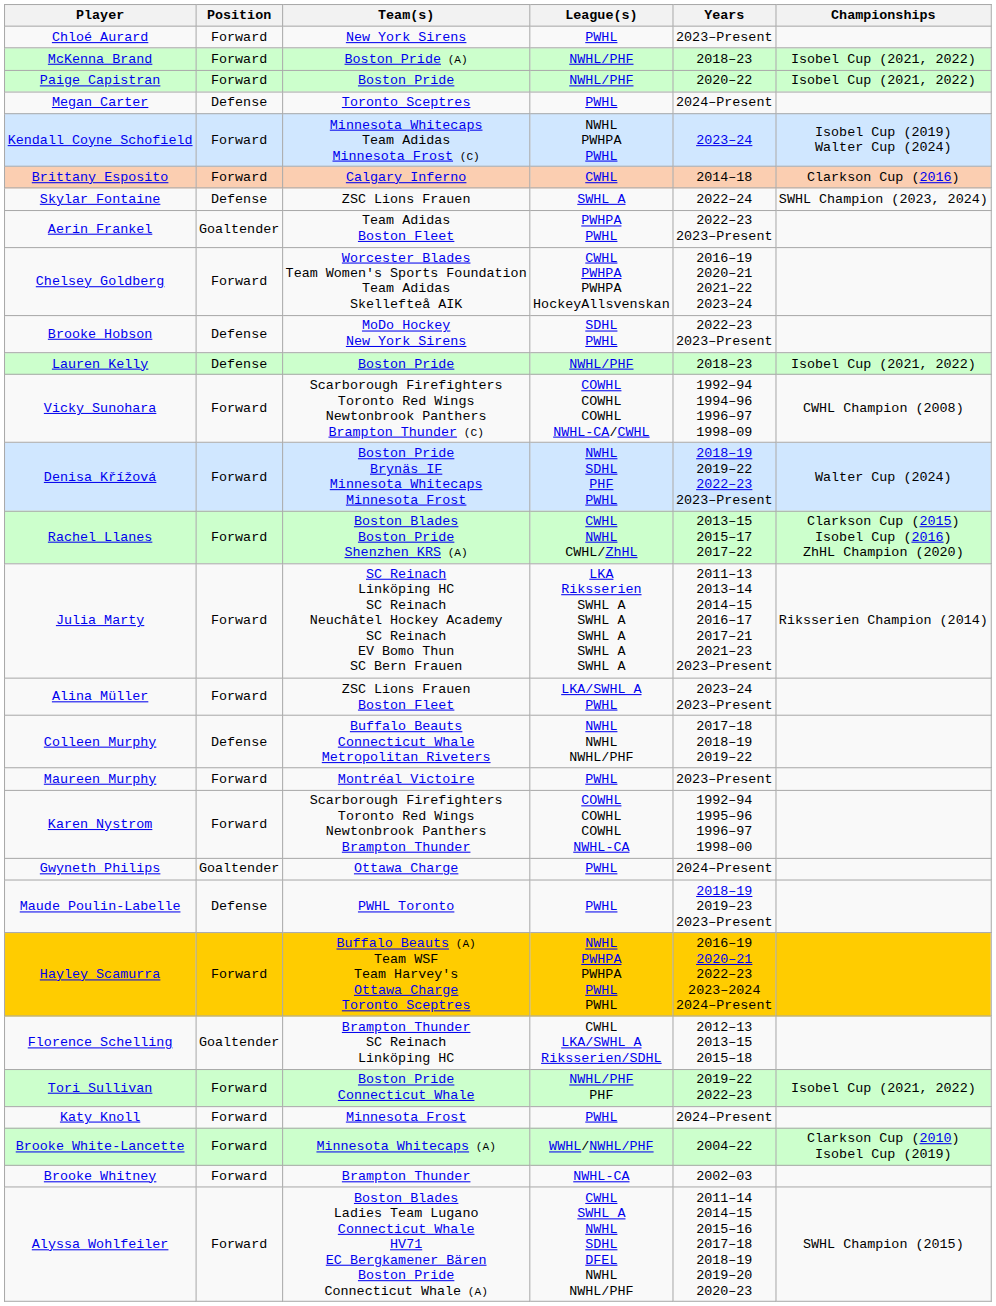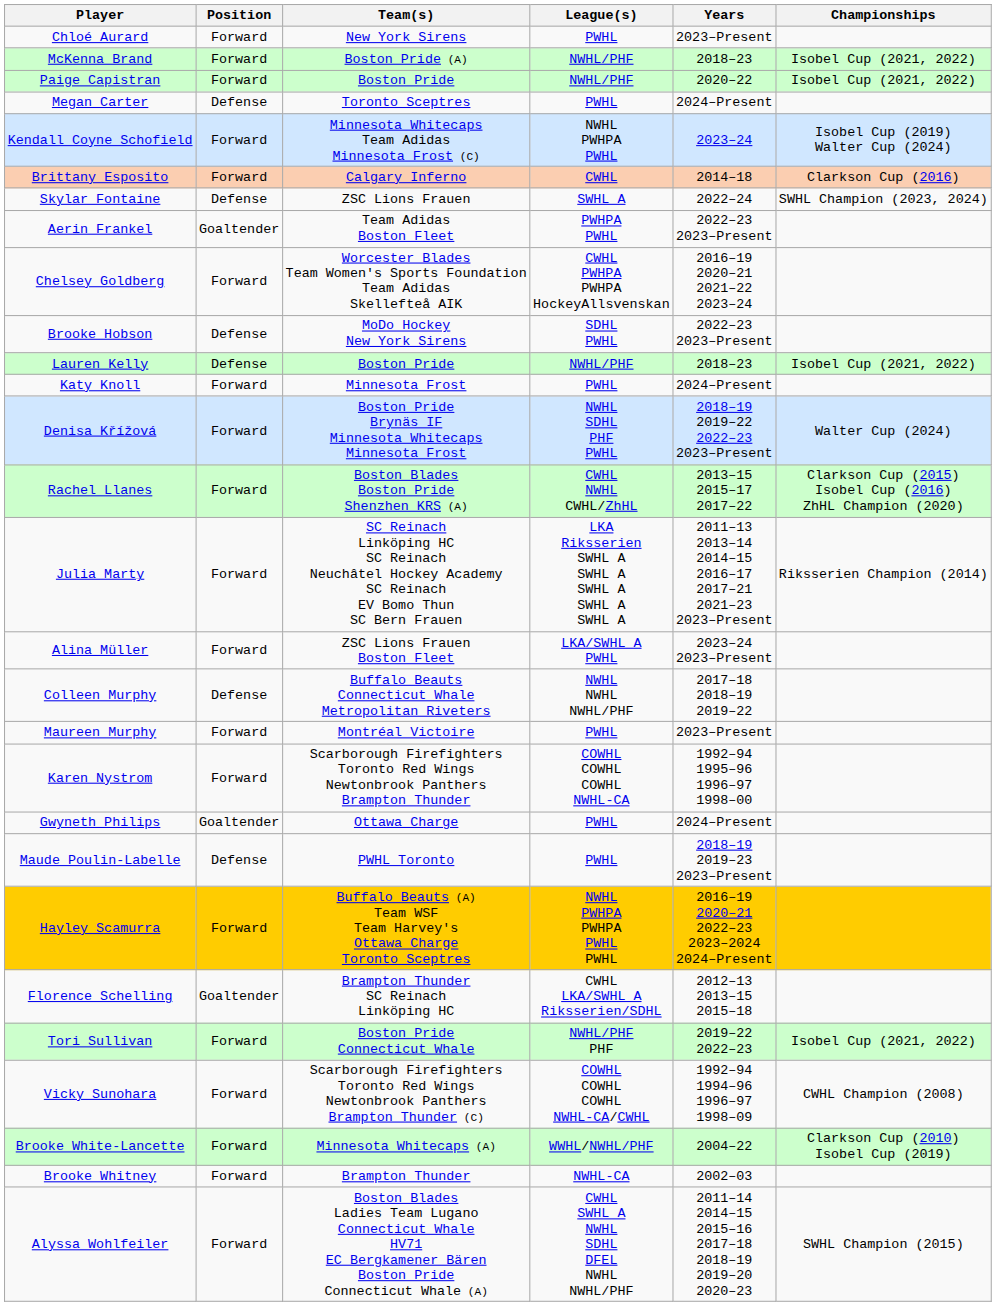 <table class="wikitable sortable">
 <tr>
 <th>Player</th>
 <th>Position</th>
 <th>Team(s)</th>
 <th>League(s)</th>
 <th>Years</th>
 <th>Championships</th>
 </tr>
 <tr style="text-align:center;" bgcolor="">
 <td><a href='#'>Chloé Aurard</a></td>
 <td>Forward</td>
 <td><a href='#'>New York Sirens</a></td>
 <td><a href='#'>PWHL</a></td>
 <td>2023–Present</td>
 <td></td>
 </tr>
 <tr style="text-align:center;" bgcolor="CCFFCC">
 <td><a href='#'>McKenna Brand</a></td>
 <td>Forward</td>
 <td><a href='#'>Boston Pride</a><small> (A)</small></td>
 <td><a href='#'>NWHL/PHF</a></td>
 <td>2018–23</td>
 <td>Isobel Cup (2021, 2022)</td>
 </tr>
 <tr style="text-align:center;" bgcolor="CCFFCC">
 <td><a href='#'>Paige Capistran</a></td>
 <td>Forward</td>
 <td><a href='#'>Boston Pride</a></td>
 <td><a href='#'>NWHL/PHF</a></td>
 <td>2020–22</td>
 <td>Isobel Cup (2021, 2022)</td>
 </tr>
 <tr style="text-align:center;" bgcolor="">
 <td><a href='#'>Megan Carter</a></td>
 <td>Defense</td>
 <td><a href='#'>Toronto Sceptres</a></td>
 <td><a href='#'>PWHL</a></td>
 <td>2024–Present</td>
 <td></td>
 </tr>
 <tr style="text-align:center;" bgcolor="D0E7FF">
 <td><a href='#'>Kendall Coyne Schofield</a></td>
 <td>Forward</td>
 <td><a href='#'>Minnesota Whitecaps</a><br>Team Adidas<br><a href='#'>Minnesota Frost</a><small> (C)</small></td>
 <td>NWHL<br>PWHPA<br><a href='#'>PWHL</a></td>
 <td><a href='#'>2023–24</a></td>
 <td>Isobel Cup (2019)<br>Walter Cup (2024)</td>
 </tr>
 <tr style="text-align:center;" bgcolor="FBCEB1">
 <td><a href='#'>Brittany Esposito</a></td>
 <td>Forward</td>
 <td><a href='#'>Calgary Inferno</a></td>
 <td><a href='#'>CWHL</a></td>
 <td>2014–18</td>
 <td>Clarkson Cup (<a href='#'>2016</a>)</td>
 </tr>
 <tr style="text-align:center;" bgcolor="">
 <td><a href='#'>Skylar Fontaine</a></td>
 <td>Defense</td>
 <td>ZSC Lions Frauen</td>
 <td><a href='#'>SWHL A</a></td>
 <td>2022–24</td>
 <td>SWHL Champion (2023, 2024)</td>
 </tr>
 <tr style="text-align:center;" bgcolor="">
 <td><a href='#'>Aerin Frankel</a></td>
 <td>Goaltender</td>
 <td>Team Adidas<br><a href='#'>Boston Fleet</a></td>
 <td><a href='#'>PWHPA</a><br><a href='#'>PWHL</a></td>
 <td>2022–23<br>2023–Present</td>
 <td></td>
 </tr>
 <tr style="text-align:center;" bgcolor="">
 <td><a href='#'>Chelsey Goldberg</a></td>
 <td>Forward</td>
 <td><a href='#'>Worcester Blades</a><br>Team Women's Sports Foundation<br>Team Adidas<br>Skellefteå AIK</td>
 <td><a href='#'>CWHL</a><br><a href='#'>PWHPA</a><br>PWHPA<br>HockeyAllsvenskan</td>
 <td>2016–19<br>2020–21<br>2021–22<br>2023–24</td>
 <td></td>
 </tr>
 <tr style="text-align:center;" bgcolor="">
 <td><a href='#'>Brooke Hobson</a></td>
 <td>Defense</td>
 <td><a href='#'>MoDo Hockey</a><br><a href='#'>New York Sirens</a></td>
 <td><a href='#'>SDHL</a><br><a href='#'>PWHL</a></td>
 <td>2022–23<br>2023–Present</td>
 <td></td>
 </tr>
 <tr style="text-align:center;" bgcolor="CCFFCC">
 <td><a href='#'>Lauren Kelly</a></td>
 <td>Defense</td>
 <td><a href='#'>Boston Pride</a></td>
 <td><a href='#'>NWHL/PHF</a></td>
 <td>2018–23</td>
 <td>Isobel Cup (2021, 2022)</td>
 </tr>
 <tr style="text-align:center;" bgcolor="">
-<td><a href='#'>Vicky Sunohara</a></td>
+<td><a href='#'>Katy Knoll</a></td>
 <td>Forward</td>
-<td>Scarborough Firefighters<br>Toronto Red Wings<br>Newtonbrook Panthers<br><a href='#'>Brampton Thunder</a><small> (C)</small></td>
-<td><a href='#'>COWHL</a><br>COWHL<br>COWHL<br><a href='#'>NWHL-CA</a>/<a href='#'>CWHL</a></td>
-<td>1992–94<br>1994–96<br>1996–97<br>1998–09</td>
-<td>CWHL Champion (2008)</td>
+<td><a href='#'>Minnesota Frost</a></td>
+<td><a href='#'>PWHL</a></td>
+<td>2024–Present</td>
+<td></td>
 </tr>
 <tr style="text-align:center;" bgcolor="D0E7FF">
 <td><a href='#'>Denisa Křížová</a></td>
 <td>Forward</td>
 <td><a href='#'>Boston Pride</a><br><a href='#'>Brynäs IF</a><br><a href='#'>Minnesota Whitecaps</a><br><a href='#'>Minnesota Frost</a></td>
 <td><a href='#'>NWHL</a><br><a href='#'>SDHL</a><br><a href='#'>PHF</a><br><a href='#'>PWHL</a></td>
 <td><a href='#'>2018–19</a><br>2019–22<br><a href='#'>2022–23</a><br>2023–Present</td>
 <td>Walter Cup (2024)</td>
 </tr>
 <tr style="text-align:center;" bgcolor="CCFFCC">
 <td><a href='#'>Rachel Llanes</a></td>
 <td>Forward</td>
 <td><a href='#'>Boston Blades</a><br><a href='#'>Boston Pride</a><br><a href='#'>Shenzhen KRS</a><small> (A)</small></td>
 <td><a href='#'>CWHL</a><br><a href='#'>NWHL</a><br>CWHL/<a href='#'>ZhHL</a></td>
 <td>2013–15<br>2015–17<br>2017–22</td>
 <td>Clarkson Cup (<a href='#'>2015</a>)<br>Isobel Cup (<a href='#'>2016</a>)<br>ZhHL Champion (2020)</td>
 </tr>
 <tr style="text-align:center;" bgcolor="">
 <td><a href='#'>Julia Marty</a></td>
 <td>Forward</td>
 <td><a href='#'>SC Reinach</a><br>Linköping HC<br>SC Reinach<br>Neuchâtel Hockey Academy<br>SC Reinach<br>EV Bomo Thun<br>SC Bern Frauen</td>
 <td><a href='#'>LKA</a><br><a href='#'>Riksserien</a><br>SWHL A<br>SWHL A<br>SWHL A<br>SWHL A<br>SWHL A</td>
 <td>2011–13<br>2013–14<br>2014–15<br>2016–17<br>2017–21<br>2021–23<br>2023–Present</td>
 <td>Riksserien Champion (2014)</td>
 </tr>
 <tr style="text-align:center;" bgcolor="">
 <td><a href='#'>Alina Müller</a></td>
 <td>Forward</td>
 <td>ZSC Lions Frauen<br><a href='#'>Boston Fleet</a></td>
 <td><a href='#'>LKA/SWHL A</a><br><a href='#'>PWHL</a></td>
 <td>2023–24<br>2023–Present</td>
 <td></td>
 </tr>
 <tr style="text-align:center;" bgcolor="">
 <td><a href='#'>Colleen Murphy</a></td>
 <td>Defense</td>
 <td><a href='#'>Buffalo Beauts</a><br><a href='#'>Connecticut Whale</a><br><a href='#'>Metropolitan Riveters</a></td>
 <td><a href='#'>NWHL</a><br>NWHL<br>NWHL/PHF</td>
 <td>2017–18<br>2018–19<br>2019–22<br></td>
 <td></td>
 </tr>
 <tr style="text-align:center;" bgcolor="">
 <td><a href='#'>Maureen Murphy</a></td>
 <td>Forward</td>
 <td><a href='#'>Montréal Victoire</a></td>
 <td><a href='#'>PWHL</a></td>
 <td>2023–Present</td>
 <td></td>
 </tr>
 <tr style="text-align:center;" bgcolor="">
 <td><a href='#'>Karen Nystrom</a></td>
 <td>Forward</td>
 <td>Scarborough Firefighters<br>Toronto Red Wings<br>Newtonbrook Panthers<br><a href='#'>Brampton Thunder</a></td>
 <td><a href='#'>COWHL</a><br>COWHL<br>COWHL<br><a href='#'>NWHL-CA</a></td>
 <td>1992–94<br>1995–96<br>1996–97<br>1998–00</td>
 <td></td>
 </tr>
 <tr style="text-align:center;" bgcolor="">
 <td><a href='#'>Gwyneth Philips</a></td>
 <td>Goaltender</td>
 <td><a href='#'>Ottawa Charge</a></td>
 <td><a href='#'>PWHL</a></td>
 <td>2024–Present</td>
 <td></td>
 </tr>
 <tr style="text-align:center;" bgcolor="">
 <td><a href='#'>Maude Poulin-Labelle</a></td>
 <td>Defense</td>
 <td><a href='#'>PWHL Toronto</a></td>
 <td><a href='#'>PWHL</a></td>
 <td><a href='#'>2018–19</a><br>2019–23<br>2023–Present</td>
 <td></td>
 </tr>
 <tr style="text-align:center;" bgcolor="FFCC00">
 <td><a href='#'>Hayley Scamurra</a></td>
 <td>Forward</td>
 <td><a href='#'>Buffalo Beauts</a><small> (A)</small><br>Team WSF<br>Team Harvey's<br><a href='#'>Ottawa Charge</a><br><a href='#'>Toronto Sceptres</a></td>
 <td><a href='#'>NWHL</a><br><a href='#'>PWHPA</a><br>PWHPA<br><a href='#'>PWHL</a><br>PWHL</td>
 <td>2016–19<br><a href='#'>2020–21</a><br>2022–23<br>2023–2024<br>2024–Present</td>
 <td></td>
 </tr>
 <tr style="text-align:center;" bgcolor="">
 <td><a href='#'>Florence Schelling</a></td>
 <td>Goaltender</td>
 <td><a href='#'>Brampton Thunder</a><br>SC Reinach<br>Linköping HC</td>
 <td>CWHL<br><a href='#'>LKA/SWHL A</a><br><a href='#'>Riksserien/SDHL</a></td>
 <td>2012–13<br>2013–15<br>2015–18</td>
 <td></td>
 </tr>
 <tr style="text-align:center;" bgcolor="CCFFCC">
 <td><a href='#'>Tori Sullivan</a></td>
 <td>Forward</td>
 <td><a href='#'>Boston Pride</a><br><a href='#'>Connecticut Whale</a></td>
 <td><a href='#'>NWHL/PHF</a><br>PHF</td>
 <td>2019–22<br>2022–23</td>
 <td>Isobel Cup (2021, 2022)</td>
 </tr>
 <tr style="text-align:center;" bgcolor="">
-<td><a href='#'>Katy Knoll</a></td>
+<td><a href='#'>Vicky Sunohara</a></td>
 <td>Forward</td>
-<td><a href='#'>Minnesota Frost</a></td>
-<td><a href='#'>PWHL</a></td>
-<td>2024–Present</td>
-<td></td>
+<td>Scarborough Firefighters<br>Toronto Red Wings<br>Newtonbrook Panthers<br><a href='#'>Brampton Thunder</a><small> (C)</small></td>
+<td><a href='#'>COWHL</a><br>COWHL<br>COWHL<br><a href='#'>NWHL-CA</a>/<a href='#'>CWHL</a></td>
+<td>1992–94<br>1994–96<br>1996–97<br>1998–09</td>
+<td>CWHL Champion (2008)</td>
 </tr>
 <tr style="text-align:center;" bgcolor="CCFFCC">
 <td><a href='#'>Brooke White-Lancette</a></td>
 <td>Forward</td>
 <td><a href='#'>Minnesota Whitecaps</a><small> (A)</small></td>
 <td><a href='#'>WWHL</a>/<a href='#'>NWHL/PHF</a></td>
 <td>2004–22</td>
 <td>Clarkson Cup (<a href='#'>2010</a>)<br>Isobel Cup (2019)</td>
 </tr>
 <tr style="text-align:center;" bgcolor="">
 <td><a href='#'>Brooke Whitney</a></td>
 <td>Forward</td>
 <td><a href='#'>Brampton Thunder</a></td>
 <td><a href='#'>NWHL-CA</a></td>
 <td>2002–03</td>
 <td></td>
 </tr>
 <tr style="text-align:center;" bgcolor="">
 <td><a href='#'>Alyssa Wohlfeiler</a></td>
 <td>Forward</td>
 <td><a href='#'>Boston Blades</a><br>Ladies Team Lugano<br><a href='#'>Connecticut Whale</a><br><a href='#'>HV71</a><br><a href='#'>EC Bergkamener Bären</a><br><a href='#'>Boston Pride</a><br>Connecticut Whale<small> (A)</small></td>
 <td><a href='#'>CWHL</a><br><a href='#'>SWHL A</a><br><a href='#'>NWHL</a><br><a href='#'>SDHL</a><br><a href='#'>DFEL</a><br>NWHL<br>NWHL/PHF</td>
 <td>2011–14<br>2014–15<br>2015–16<br>2017–18<br>2018–19<br>2019–20<br>2020–23</td>
 <td>SWHL Champion (2015)</td>
 </tr>
 </table>
